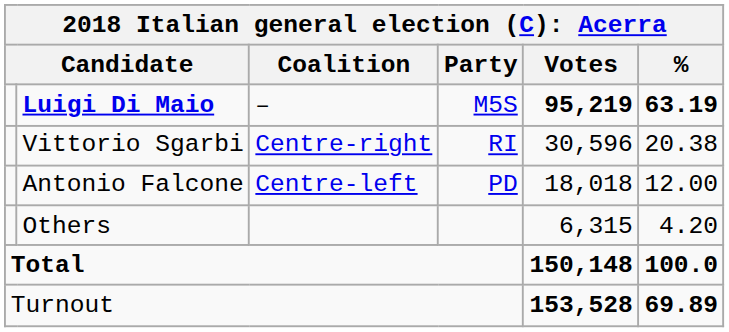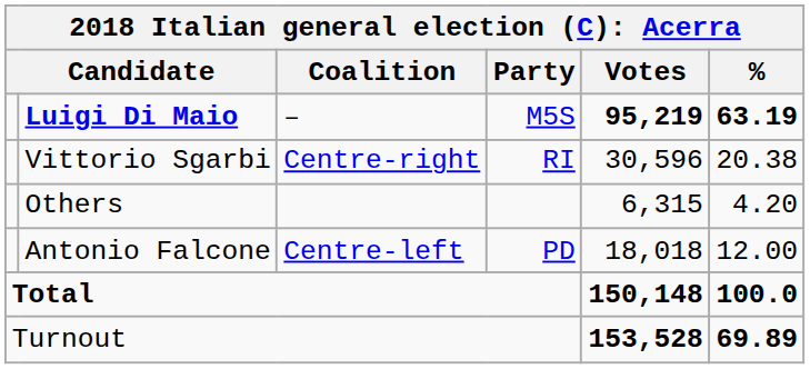 <table class=wikitable style=text-align:right>
 <tr>
 <th colspan=6>2018 Italian general election (<a href='#'>C</a>): <a href='#'>Acerra</a></th>
 </tr>
 <tr>
 <th colspan=2>Candidate</th>
 <th>Coalition</th>
 <th>Party</th>
 <th>Votes</th>
 <th>%</th>
 </tr>
 <tr>
 <td></td>
 <td align=left><strong><a href='#'>Luigi Di Maio</a></strong></td>
 <td align=left>–</td>
 <td><a href='#'>M5S</a></td>
 <td><strong>95,219</strong></td>
 <td><strong>63.19</strong></td>
 </tr>
 <tr>
 <td></td>
 <td align=left>Vittorio Sgarbi</td>
 <td align=left><a href='#'>Centre-right</a></td>
 <td><a href='#'>RI</a></td>
 <td>30,596</td>
 <td>20.38</td>
 </tr>
 <tr>
 <td></td>
+<td align=left>Others</td>
+<td></td>
+<td></td>
+<td>6,315</td>
+<td>4.20</td>
+</tr>
+<tr>
+<td></td>
 <td align=left>Antonio Falcone</td>
 <td align=left><a href='#'>Centre-left</a></td>
 <td><a href='#'>PD</a></td>
 <td>18,018</td>
 <td>12.00</td>
-</tr>
-<tr>
-<td></td>
-<td align=left>Others</td>
-<td></td>
-<td></td>
-<td>6,315</td>
-<td>4.20</td>
 </tr>
 <tr>
 <td align=left colspan=4><strong>Total</strong></td>
 <td><strong>150,148</strong></td>
 <td><strong>100.0</strong></td>
 </tr>
 <tr>
 <td align=left colspan=4>Turnout</td>
 <td><strong>153,528</strong></td>
 <td><strong>69.89</strong></td>
 </tr>
 </table>
